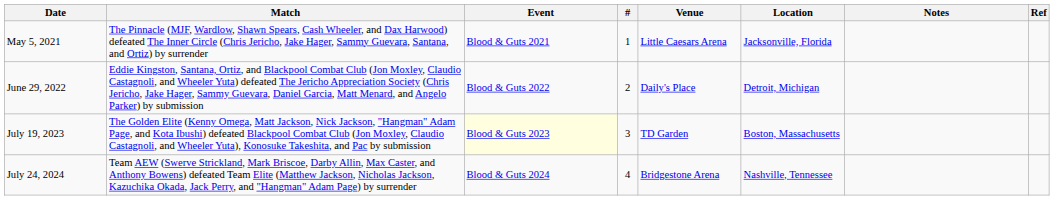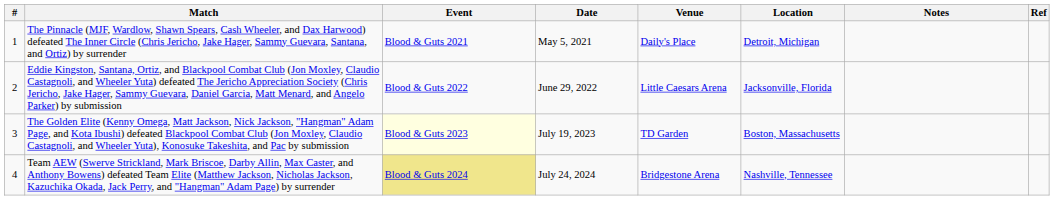 <table class="wikitable plainrowheaders" style="width:100%; margin-right: 0;">
 <tr>
-<th width=10%>Date</th>
+<th width=2%>#</th>
 <th width=35%>Match</th>
 <th width=15%>Event</th>
-<th width=2%>#</th>
+<th width=10%>Date</th>
 <th width=10%>Venue</th>
 <th width=10%>Location</th>
 <th width=25%>Notes</th>
 <th width=3%>Ref</th>
 </tr>
 <tr>
-<td>May 5, 2021</td>
+<td align=center>1</td>
 <td><a href='#'>The Pinnacle</a> (<a href='#'>MJF</a>, <a href='#'>Wardlow</a>, <a href='#'>Shawn Spears</a>, <a href='#'>Cash Wheeler</a>, and <a href='#'>Dax Harwood</a>) defeated <a href='#'>The Inner Circle</a> (<a href='#'>Chris Jericho</a>, <a href='#'>Jake Hager</a>, <a href='#'>Sammy Guevara</a>, <a href='#'>Santana</a>, and <a href='#'>Ortiz</a>) by surrender</td>
 <td><a href='#'>Blood & Guts 2021</a></td>
-<td align=center>1</td>
+<td>May 5, 2021</td>
+<td><a href='#'>Daily's Place</a></td>
+<td><a href='#'>Detroit, Michigan</a></td>
+<td></td>
+<td></td>
+</tr>
+<tr>
+<td align=center>2</td>
+<td><a href='#'>Eddie Kingston</a>, <a href='#'>Santana, Ortiz</a>, and <a href='#'>Blackpool Combat Club</a> (<a href='#'>Jon Moxley</a>, <a href='#'>Claudio Castagnoli</a>, and <a href='#'>Wheeler Yuta</a>) defeated <a href='#'>The Jericho Appreciation Society</a> (<a href='#'>Chris Jericho</a>, <a href='#'>Jake Hager</a>, <a href='#'>Sammy Guevara</a>, <a href='#'>Daniel Garcia</a>, <a href='#'>Matt Menard</a>, and <a href='#'>Angelo Parker</a>) by submission</td>
+<td><a href='#'>Blood & Guts 2022</a></td>
+<td>June 29, 2022</td>
 <td><a href='#'>Little Caesars Arena</a></td>
 <td><a href='#'>Jacksonville, Florida</a></td>
 <td></td>
 <td></td>
 </tr>
 <tr>
-<td>June 29, 2022</td>
-<td><a href='#'>Eddie Kingston</a>, <a href='#'>Santana, Ortiz</a>, and <a href='#'>Blackpool Combat Club</a> (<a href='#'>Jon Moxley</a>, <a href='#'>Claudio Castagnoli</a>, and <a href='#'>Wheeler Yuta</a>) defeated <a href='#'>The Jericho Appreciation Society</a> (<a href='#'>Chris Jericho</a>, <a href='#'>Jake Hager</a>, <a href='#'>Sammy Guevara</a>, <a href='#'>Daniel Garcia</a>, <a href='#'>Matt Menard</a>, and <a href='#'>Angelo Parker</a>) by submission</td>
-<td><a href='#'>Blood & Guts 2022</a></td>
-<td align=center>2</td>
-<td><a href='#'>Daily's Place</a></td>
-<td><a href='#'>Detroit, Michigan</a></td>
-<td></td>
-<td></td>
-</tr>
-<tr>
-<td>July 19, 2023</td>
+<td align=center>3</td>
 <td><a href='#'>The Golden Elite</a> (<a href='#'>Kenny Omega</a>, <a href='#'>Matt Jackson</a>, <a href='#'>Nick Jackson</a>, <a href='#'>"Hangman" Adam Page</a>, and <a href='#'>Kota Ibushi</a>) defeated <a href='#'>Blackpool Combat Club</a> (<a href='#'>Jon Moxley</a>, <a href='#'>Claudio Castagnoli</a>, and <a href='#'>Wheeler Yuta</a>), <a href='#'>Konosuke Takeshita</a>, and <a href='#'>Pac</a> by submission</td>
 <td style="background: lightyellow;"><a href='#'>Blood & Guts 2023</a></td>
-<td align=center>3</td>
+<td>July 19, 2023</td>
 <td><a href='#'>TD Garden</a></td>
 <td><a href='#'>Boston, Massachusetts</a></td>
 <td></td>
 <td></td>
 </tr>
 <tr>
+<td align=center>4</td>
+<td>Team <a href='#'>AEW</a> (<a href='#'>Swerve Strickland</a>, <a href='#'>Mark Briscoe</a>, <a href='#'>Darby Allin</a>, <a href='#'>Max Caster</a>, and <a href='#'>Anthony Bowens</a>) defeated Team <a href='#'>Elite</a> (<a href='#'>Matthew Jackson</a>, <a href='#'>Nicholas Jackson</a>, <a href='#'>Kazuchika Okada</a>, <a href='#'>Jack Perry</a>, and <a href='#'>"Hangman" Adam Page</a>) by surrender</td>
+<td style="background: khaki;"><a href='#'>Blood & Guts 2024</a></td>
 <td>July 24, 2024</td>
-<td>Team <a href='#'>AEW</a> (<a href='#'>Swerve Strickland</a>, <a href='#'>Mark Briscoe</a>, <a href='#'>Darby Allin</a>, <a href='#'>Max Caster</a>, and <a href='#'>Anthony Bowens</a>) defeated Team <a href='#'>Elite</a> (<a href='#'>Matthew Jackson</a>, <a href='#'>Nicholas Jackson</a>, <a href='#'>Kazuchika Okada</a>, <a href='#'>Jack Perry</a>, and <a href='#'>"Hangman" Adam Page</a>) by surrender</td>
-<td><a href='#'>Blood & Guts 2024</a></td>
-<td align=center>4</td>
 <td><a href='#'>Bridgestone Arena</a></td>
 <td><a href='#'>Nashville, Tennessee</a></td>
 <td></td>
 <td></td>
 </tr>
 </table>
